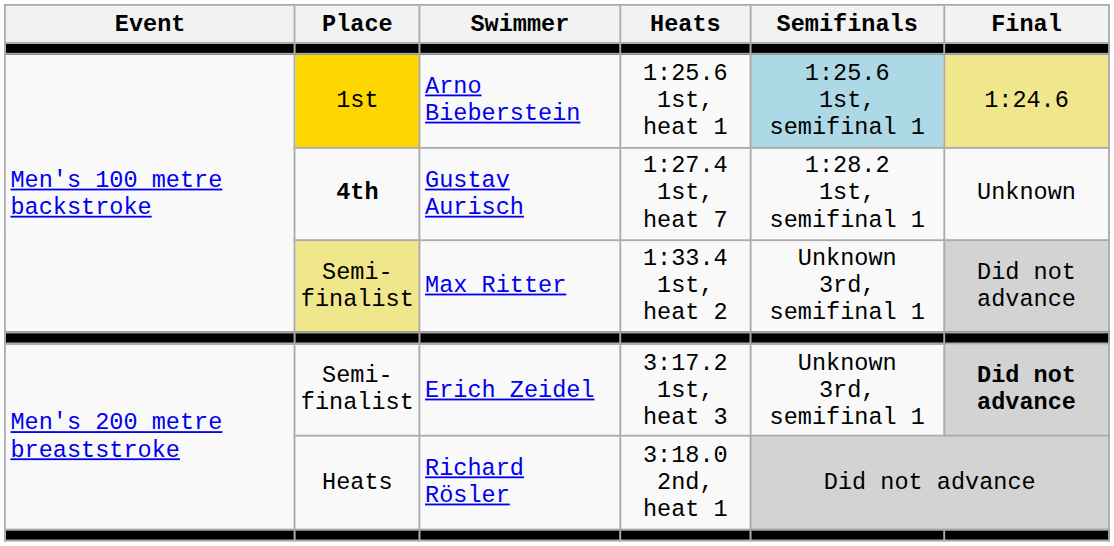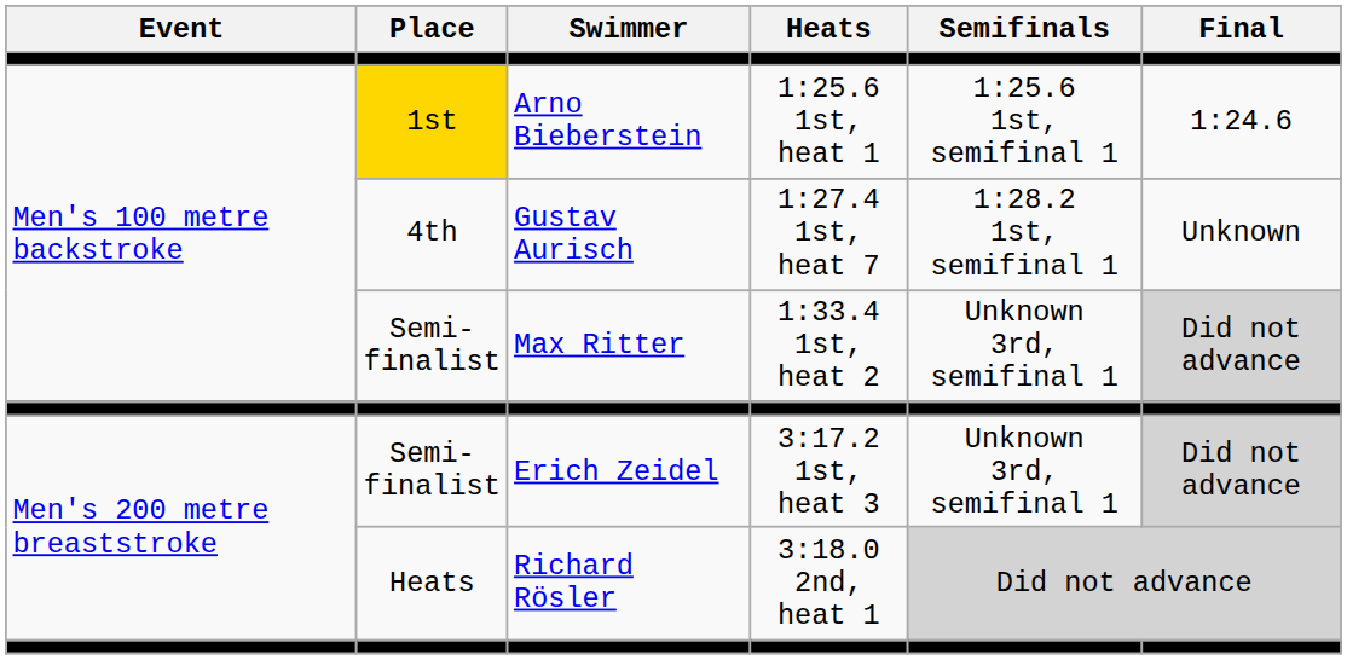 <table class=wikitable>
 <tr>
 <th>Event</th>
 <th>Place</th>
 <th>Swimmer</th>
 <th>Heats</th>
 <th>Semifinals</th>
 <th>Final</th>
 </tr>
 <tr bgcolor=black>
 <td></td>
 <td></td>
 <td></td>
 <td></td>
 <td></td>
 <td></td>
 </tr>
 <tr align=center>
 <td rowspan=3 align=left><a href='#'>Men's 100 metre backstroke</a></td>
 <td bgcolor=gold>1st</td>
 <td align=left><a href='#'>Arno Bieberstein</a></td>
 <td>1:25.6 <br> 1st, heat 1</td>
-<td style="background: lightblue;">1:25.6 <br> 1st, semifinal 1</td>
-<td style="background: khaki;">1:24.6</td>
+<td>1:25.6 <br> 1st, semifinal 1</td>
+<td>1:24.6</td>
 </tr>
 <tr align=center>
-<td><strong>4th</strong></td>
+<td>4th</td>
 <td align=left><a href='#'>Gustav Aurisch</a></td>
 <td>1:27.4 <br> 1st, heat 7</td>
 <td>1:28.2 <br> 1st, semifinal 1</td>
 <td>Unknown</td>
 </tr>
 <tr align=center>
-<td style="background: khaki;">Semi-<br>finalist</td>
+<td>Semi-<br>finalist</td>
 <td align=left><a href='#'>Max Ritter</a></td>
 <td>1:33.4 <br> 1st, heat 2</td>
 <td>Unknown <br> 3rd, semifinal 1</td>
 <td bgcolor=lightgray>Did not advance</td>
 </tr>
 <tr bgcolor=black>
 <td></td>
 <td></td>
 <td></td>
 <td></td>
 <td></td>
 <td></td>
 </tr>
 <tr align=center>
 <td rowspan=2 align=left><a href='#'>Men's 200 metre breaststroke</a></td>
 <td>Semi-<br>finalist</td>
 <td align=left><a href='#'>Erich Zeidel</a></td>
 <td>3:17.2 <br> 1st, heat 3</td>
 <td>Unknown <br> 3rd, semifinal 1</td>
-<td bgcolor=lightgray><strong>Did not advance</strong></td>
+<td bgcolor=lightgray>Did not advance</td>
 </tr>
 <tr align=center>
 <td>Heats</td>
 <td align=left><a href='#'>Richard Rösler</a></td>
 <td>3:18.0 <br> 2nd, heat 1</td>
 <td colspan=2 bgcolor=lightgray>Did not advance</td>
 </tr>
 <tr bgcolor=black>
 <td></td>
 <td></td>
 <td></td>
 <td></td>
 <td></td>
 <td></td>
 </tr>
 </table>
